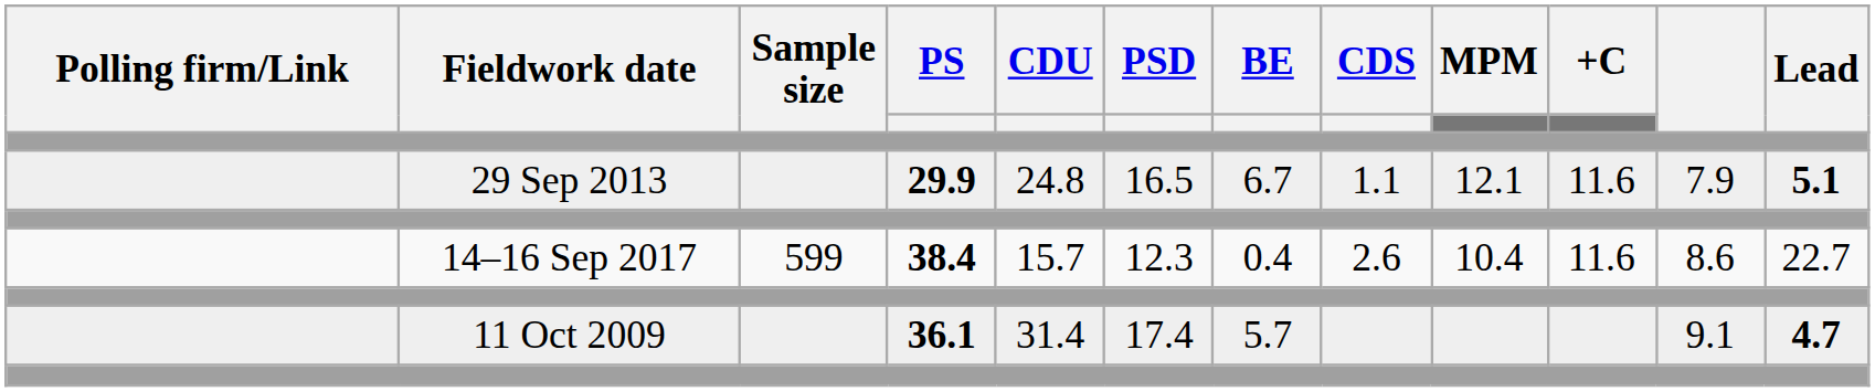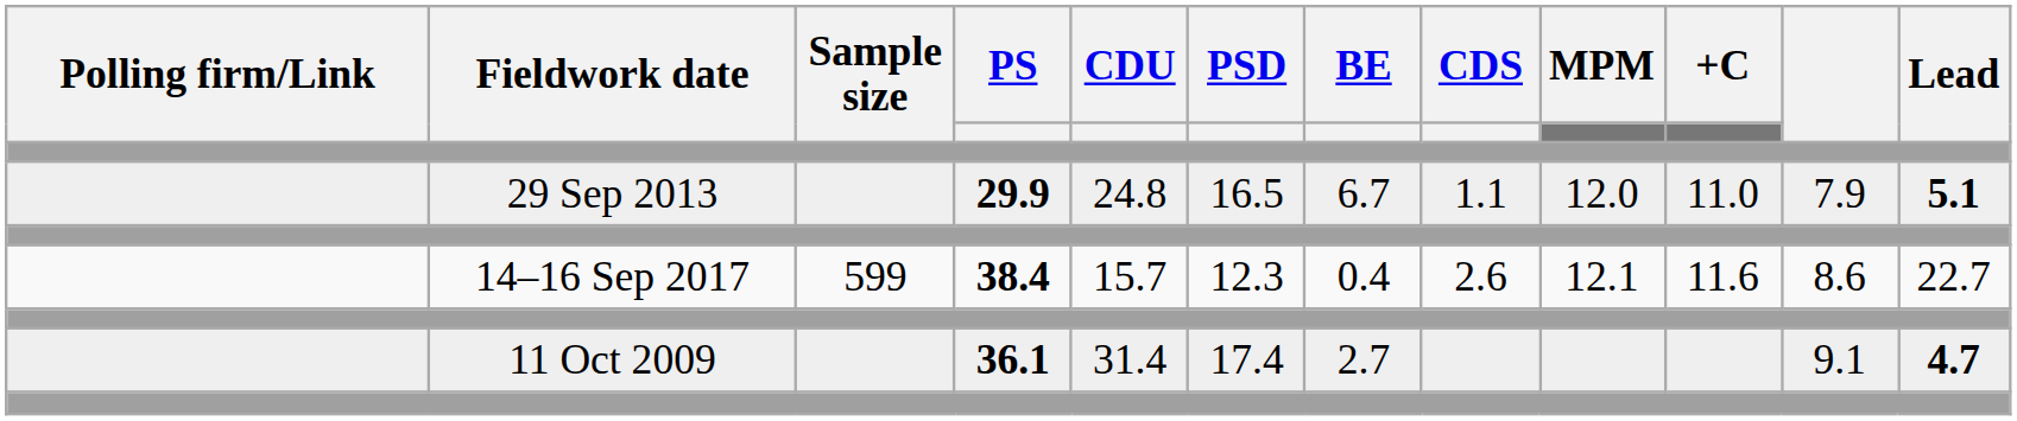 <table class="wikitable collapsible sortable" style="text-align:center; font-size:95%; line-height:16px;">
 <tr style="height:42px;">
 <th style="width:145px;" rowspan="2">Polling firm/Link</th>
 <th style="width:125px;" rowspan="2">Fieldwork date</th>
 <th class="unsortable" style="width:50px;" rowspan="2">Sample size</th>
 <th class="unsortable" style="width:35px;"><a href='#'>PS</a></th>
 <th class="unsortable" style="width:35px;"><a href='#'>CDU</a></th>
 <th class="unsortable" style="width:35px;"><a href='#'>PSD</a></th>
 <th class="unsortable" style="width:35px;"><a href='#'>BE</a></th>
 <th class="unsortable" style="width:35px;"><a href='#'>CDS</a></th>
 <th class="unsortable" style="width:35px;">MPM</th>
 <th class="unsortable" style="width:35px;">+C</th>
 <th class="unsortable" style="width:35px;" rowspan="2"></th>
 <th class="unsortable" style="width:30px;" rowspan="2">Lead</th>
 </tr>
 <tr>
 <th class="unsortable" style="color:inherit;background:"></th>
 <th class="unsortable" style="color:inherit;background:"></th>
 <th class="unsortable" style="color:inherit;background:"></th>
 <th class="unsortable" style="color:inherit;background:"></th>
 <th class="unsortable" style="color:inherit;background:"></th>
 <th class="unsortable" style="color:inherit;background:#777777;"></th>
 <th class="unsortable" style="color:inherit;background:#777777;"></th>
 </tr>
 <tr>
 <td colspan="13" style="background:#A0A0A0"></td>
 </tr>
 <tr style="background:#EFEFEF;">
 <td><strong></strong></td>
 <td data-sort-value="2019-10-06">29 Sep 2013</td>
 <td></td>
 <td><strong>29.9</strong><br></td>
 <td>24.8<br></td>
 <td>16.5<br></td>
 <td>6.7<br></td>
 <td>1.1<br></td>
-<td>12.1<br></td>
-<td>11.6<br></td>
+<td>12.0<br></td>
+<td>11.0<br></td>
 <td>7.9</td>
 <td style="background:"><strong>5.1</strong></td>
 </tr>
 <tr>
 <td colspan="13" style="background:#A0A0A0"></td>
 </tr>
 <tr>
 <td align="center"></td>
 <td align="center">14–16 Sep 2017</td>
 <td>599</td>
 <td align="center" ><strong>38.4</strong></td>
 <td align="center">15.7</td>
 <td align="center">12.3</td>
 <td align="center">0.4</td>
 <td align="center">2.6</td>
-<td align="center">10.4</td>
+<td align="center">12.1</td>
 <td align="center">11.6</td>
 <td align="center">8.6</td>
 <td style="background:">22.7</td>
 </tr>
 <tr>
 <td colspan="13" style="background:#A0A0A0"></td>
 </tr>
 <tr style="background:#EFEFEF;">
 <td><strong></strong></td>
 <td data-sort-value="2019-10-06">11 Oct 2009</td>
 <td></td>
 <td><strong>36.1</strong><br></td>
 <td>31.4<br></td>
 <td>17.4<br></td>
-<td>5.7<br></td>
+<td>2.7<br></td>
 <td></td>
 <td></td>
 <td></td>
 <td>9.1<br></td>
 <td style="background:"><strong>4.7</strong></td>
 </tr>
 <tr>
 <td colspan="13" style="background:#A0A0A0"></td>
 </tr>
 </table>
